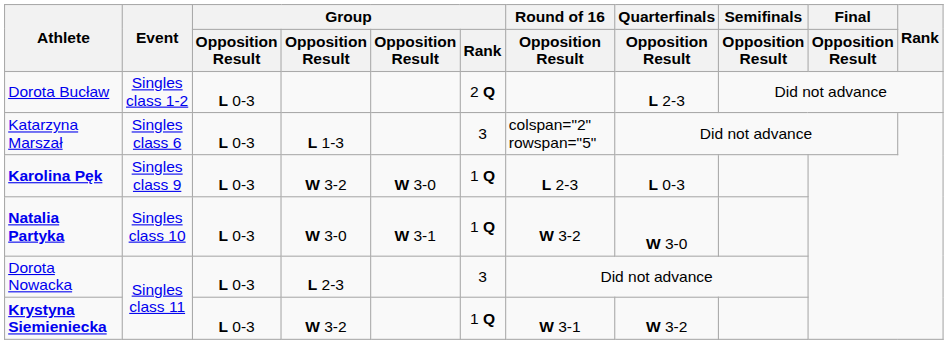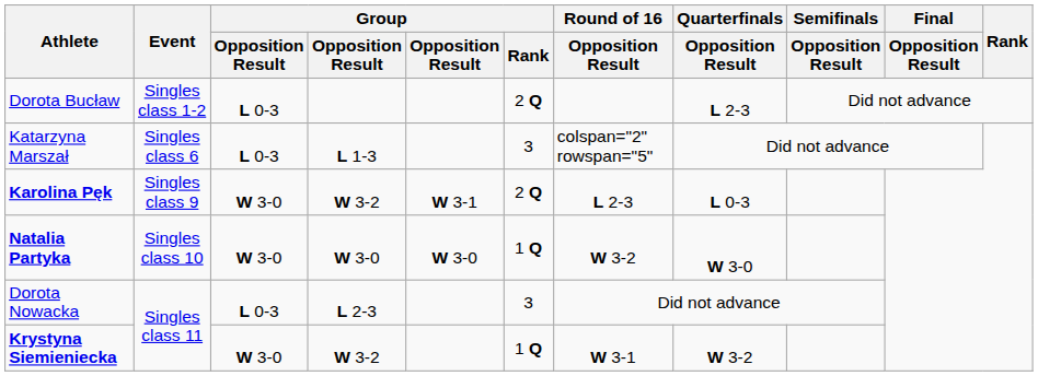 <table class="wikitable" style="font-size:90%">
 <tr>
 <th rowspan="2">Athlete</th>
 <th rowspan="2">Event</th>
 <th colspan="4">Group</th>
 <th>Round of 16</th>
 <th>Quarterfinals</th>
 <th>Semifinals</th>
 <th>Final</th>
 <th rowspan="2">Rank</th>
 </tr>
 <tr>
 <th>Opposition<br>Result</th>
 <th>Opposition<br>Result</th>
 <th>Opposition<br>Result</th>
 <th>Rank</th>
 <th>Opposition<br>Result</th>
 <th>Opposition<br>Result</th>
 <th>Opposition<br>Result</th>
 <th>Opposition<br>Result</th>
 </tr>
 <tr>
 <td><a href='#'>Dorota Bucław</a></td>
 <td align=center><a href='#'>Singles class 1-2</a></td>
 <td align=center><br><strong>L</strong> 0-3</td>
 <td></td>
 <td></td>
 <td align=center>2 <strong>Q</strong></td>
 <td></td>
 <td align=center><br><strong>L</strong> 2-3</td>
 <td align=center colspan="3">Did not advance</td>
 </tr>
 <tr>
 <td><a href='#'>Katarzyna Marszał</a></td>
 <td align=center><a href='#'>Singles class 6</a></td>
 <td align=center><br><strong>L</strong> 0-3</td>
 <td align=center><br><strong>L</strong> 1-3</td>
 <td></td>
 <td align=center>3</td>
 <td>colspan="2" rowspan="5" </td>
 <td align=center colspan="3">Did not advance</td>
 </tr>
 <tr>
 <td><strong><a href='#'>Karolina Pęk</a></strong></td>
 <td align=center><a href='#'>Singles class 9</a></td>
-<td align=center><br><strong>L</strong> 0-3</td>
+<td align=center><br><strong>W</strong> 3-0</td>
 <td align=center><br><strong>W</strong> 3-2</td>
-<td align=center><br><strong>W</strong> 3-0</td>
-<td align=center>1 <strong>Q</strong></td>
+<td align=center><br><strong>W</strong> 3-1</td>
+<td align=center>2 <strong>Q</strong></td>
 <td align=center><br><strong>L</strong> 2-3</td>
 <td align=center><br><strong>L</strong> 0-3</td>
 <td align=center></td>
 </tr>
 <tr>
 <td><strong><a href='#'>Natalia Partyka</a></strong></td>
 <td align=center><a href='#'>Singles class 10</a></td>
-<td align=center><br><strong>L</strong> 0-3</td>
 <td align=center><br><strong>W</strong> 3-0</td>
-<td align=center><br><strong>W</strong> 3-1</td>
+<td align=center><br><strong>W</strong> 3-0</td>
+<td align=center><br><strong>W</strong> 3-0</td>
 <td align=center>1 <strong>Q</strong></td>
 <td align=center><br><strong>W</strong> 3-2</td>
 <td align=center><br><br><strong>W</strong> 3-0</td>
 <td align=center></td>
 </tr>
 <tr>
 <td><a href='#'>Dorota Nowacka</a></td>
 <td align=center rowspan="2"><a href='#'>Singles class 11</a></td>
 <td align=center><br><strong>L</strong> 0-3</td>
 <td align=center><br><strong>L</strong> 2-3</td>
 <td></td>
 <td align=center>3</td>
 <td align=center colspan="3">Did not advance</td>
 </tr>
 <tr>
 <td><strong><a href='#'>Krystyna Siemieniecka</a></strong></td>
-<td align=center><br><strong>L</strong> 0-3</td>
+<td align=center><br><strong>W</strong> 3-0</td>
 <td align=center><br><strong>W</strong> 3-2</td>
 <td></td>
 <td align=center>1 <strong>Q</strong></td>
 <td align=center><br><strong>W</strong> 3-1</td>
 <td align=center><br><strong>W</strong> 3-2</td>
 <td align=center></td>
 </tr>
 </table>
